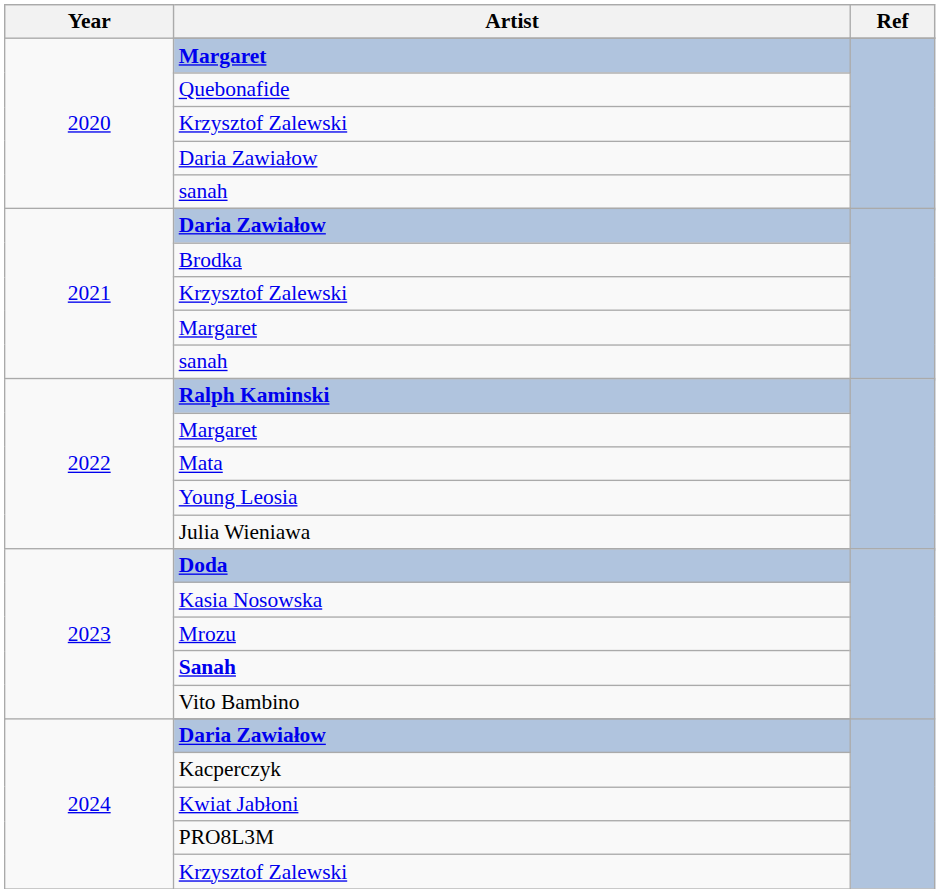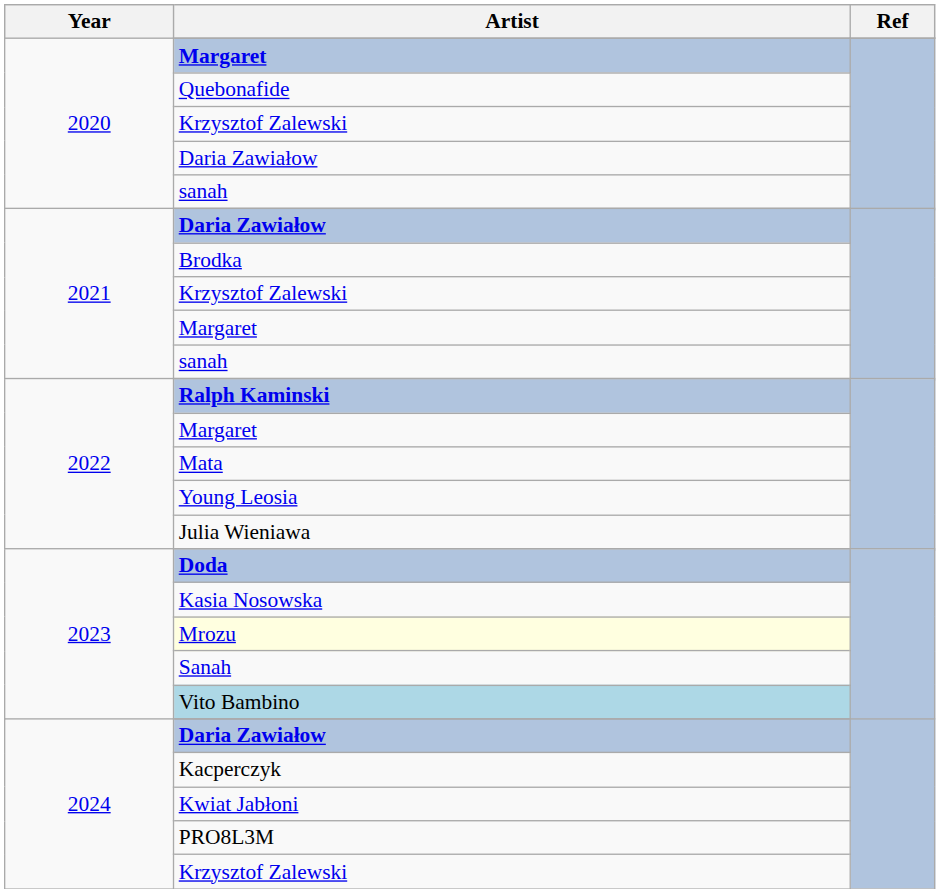 <table class="wikitable" style="width:55%;">
 <tr style="background:#bebebe;">
 <th style="width:10%;">Year</th>
 <th style="width:40%;">Artist</th>
 <th style="width:5%;">Ref</th>
 </tr>
 <tr>
 <td rowspan="6" align="center"><a href='#'>2020</a></td>
 </tr>
 <tr style="background:#B0C4DE">
 <td><strong><a href='#'>Margaret</a></strong></td>
 <td rowspan="6" align="center"></td>
 </tr>
 <tr>
 <td><a href='#'>Quebonafide</a></td>
 </tr>
 <tr>
 <td><a href='#'>Krzysztof Zalewski</a></td>
 </tr>
 <tr>
 <td><a href='#'>Daria Zawiałow</a></td>
 </tr>
 <tr>
 <td><a href='#'>sanah</a></td>
 </tr>
 <tr>
 <td rowspan="6" align="center"><a href='#'>2021</a></td>
 </tr>
 <tr style="background:#B0C4DE">
 <td><strong><a href='#'>Daria Zawiałow</a></strong></td>
 <td rowspan="6" align="center"></td>
 </tr>
 <tr>
 <td><a href='#'>Brodka</a></td>
 </tr>
 <tr>
 <td><a href='#'>Krzysztof Zalewski</a></td>
 </tr>
 <tr>
 <td><a href='#'>Margaret</a></td>
 </tr>
 <tr>
 <td><a href='#'>sanah</a></td>
 </tr>
 <tr>
 <td rowspan="6" align="center"><a href='#'>2022</a></td>
 </tr>
 <tr style="background:#B0C4DE">
 <td><strong><a href='#'>Ralph Kaminski</a></strong></td>
 <td rowspan="6" align="center"></td>
 </tr>
 <tr>
 <td><a href='#'>Margaret</a></td>
 </tr>
 <tr>
 <td><a href='#'>Mata</a></td>
 </tr>
 <tr>
 <td><a href='#'>Young Leosia</a></td>
 </tr>
 <tr>
 <td>Julia Wieniawa</td>
 </tr>
 <tr>
 <td rowspan="6" align="center"><a href='#'>2023</a></td>
 </tr>
 <tr style="background:#B0C4DE">
 <td><strong><a href='#'>Doda</a></strong></td>
 <td rowspan="6" align="center"></td>
 </tr>
 <tr>
 <td><a href='#'>Kasia Nosowska</a></td>
 </tr>
 <tr>
-<td><a href='#'>Mrozu</a></td>
+<td style="background: lightyellow;"><a href='#'>Mrozu</a></td>
 </tr>
 <tr>
-<td><strong><a href='#'>Sanah</a></strong></td>
+<td><a href='#'>Sanah</a></td>
 </tr>
 <tr>
-<td>Vito Bambino</td>
+<td style="background: lightblue;">Vito Bambino</td>
 </tr>
 <tr>
 <td rowspan="6" align="center"><a href='#'>2024</a></td>
 </tr>
 <tr style="background:#B0C4DE">
 <td><strong><a href='#'>Daria Zawiałow</a></strong></td>
 <td rowspan="6" align="center"></td>
 </tr>
 <tr>
 <td>Kacperczyk</td>
 </tr>
 <tr>
 <td><a href='#'>Kwiat Jabłoni</a></td>
 </tr>
 <tr>
 <td>PRO8L3M</td>
 </tr>
 <tr>
 <td><a href='#'>Krzysztof Zalewski</a></td>
 </tr>
 </table>
